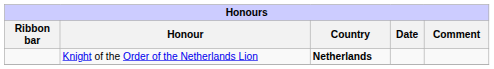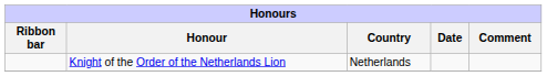 <table class="wikitable" style="width:60%;">
 <tr style="background:#ccf; text-align:center;">
 <td colspan=5><strong>Honours</strong></td>
 </tr>
 <tr>
 <th style="width:80px;">Ribbon bar</th>
 <th>Honour</th>
 <th>Country</th>
 <th>Date</th>
 <th>Comment</th>
 </tr>
 <tr>
 <td></td>
 <td><a href='#'>Knight</a> of the <a href='#'>Order of the Netherlands Lion</a></td>
-<td><strong>Netherlands</strong></td>
+<td>Netherlands</td>
 <td></td>
 <td></td>
 </tr>
 <tr>
 </tr>
 </table>
